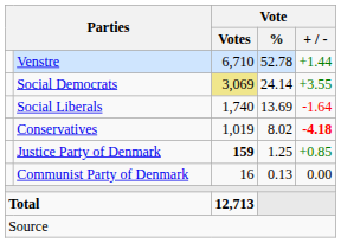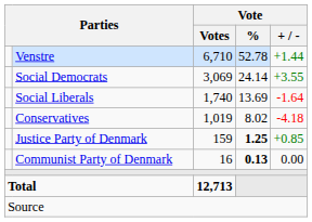 <table class="wikitable" style="text-align:right;">
 <tr>
 <th style="text-align:centre;" rowspan="2" colspan="2" width="225">Parties</th>
 <th colspan="3">Vote</th>
 </tr>
 <tr>
 <th width="15">Votes</th>
 <th width="15">%</th>
 <th width="15">+ / -</th>
 </tr>
 <tr>
 <td width="2" style="color:inherit;background:"></td>
 <td bgcolor=#cfe5fe  align="left"><a href='#'>Venstre</a></td>
 <td bgcolor=#cfe5fe>6,710</td>
 <td bgcolor=#cfe5fe>52.78</td>
 <td style=color:green;>+1.44</td>
 </tr>
 <tr>
 <td width="2" style="color:inherit;background:"></td>
 <td align="left"><a href='#'>Social Democrats</a></td>
-<td style="background: khaki;">3,069</td>
+<td>3,069</td>
 <td>24.14</td>
 <td style=color:green;>+3.55</td>
 </tr>
 <tr>
 <td width="2" style="color:inherit;background:"></td>
 <td align="left"><a href='#'>Social Liberals</a></td>
 <td>1,740</td>
 <td>13.69</td>
 <td style=color:red;>-1.64</td>
 </tr>
 <tr>
 <td width="2" style="color:inherit;background:"></td>
 <td align="left"><a href='#'>Conservatives</a></td>
 <td>1,019</td>
 <td>8.02</td>
-<td style=color:red;><strong>-4.18</strong></td>
+<td style=color:red;>-4.18</td>
 </tr>
 <tr>
 <td width="2" style="color:inherit;background:"></td>
 <td align="left"><a href='#'>Justice Party of Denmark</a></td>
-<td><strong>159</strong></td>
-<td>1.25</td>
+<td>159</td>
+<td><strong>1.25</strong></td>
 <td style=color:green;>+0.85</td>
 </tr>
 <tr>
 <td width="2" style="color:inherit;background:"></td>
 <td align="left"><a href='#'>Communist Party of Denmark</a></td>
 <td>16</td>
-<td>0.13</td>
+<td><strong>0.13</strong></td>
 <td>0.00</td>
 </tr>
 <tr>
 <td colspan="7" bgcolor="#E9E9E9"></td>
 </tr>
 <tr>
 <td align="left" colspan="2"><strong>Total</strong></td>
 <td><strong>12,713</strong></td>
 <td bgcolor="#E9E9E9" colspan="2"></td>
 </tr>
 <tr>
 <td align="left" colspan="6">Source</td>
 </tr>
 </table>
